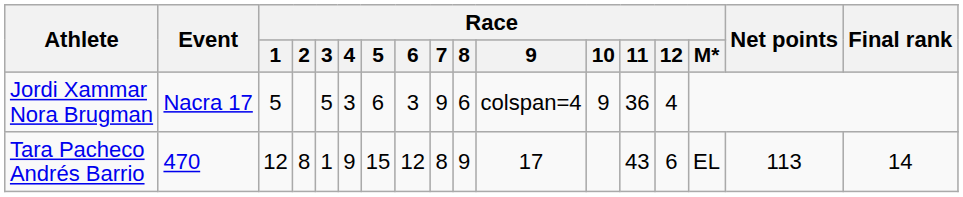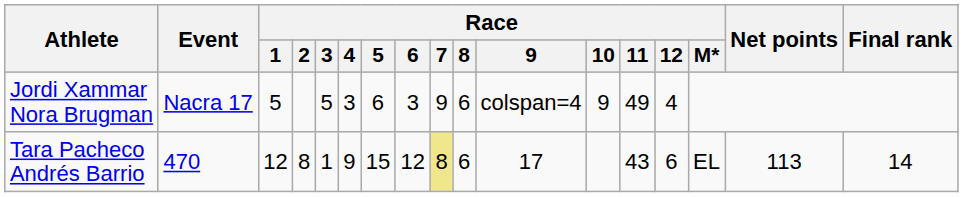 <table class="wikitable" style="font-size:90%">
 <tr>
 <th rowspan="2">Athlete</th>
 <th rowspan="2">Event</th>
 <th colspan=13>Race</th>
 <th rowspan=2>Net points</th>
 <th rowspan=2>Final rank</th>
 </tr>
 <tr style="font-size:95%">
 <th>1</th>
 <th>2</th>
 <th>3</th>
 <th>4</th>
 <th>5</th>
 <th>6</th>
 <th>7</th>
 <th>8</th>
 <th>9</th>
 <th>10</th>
 <th>11</th>
 <th>12</th>
 <th>M*</th>
 </tr>
 <tr align=center>
 <td align=left><a href='#'>Jordi Xammar</a><br><a href='#'>Nora Brugman</a></td>
 <td align=left><a href='#'>Nacra 17</a></td>
 <td>5</td>
 <td></td>
 <td>5</td>
 <td>3</td>
 <td>6</td>
 <td>3</td>
 <td>9</td>
 <td>6</td>
 <td>colspan=4 </td>
 <td>9</td>
-<td>36</td>
+<td>49</td>
 <td>4</td>
 </tr>
 <tr align=center>
 <td align=left><a href='#'>Tara Pacheco</a><br><a href='#'>Andrés Barrio</a></td>
 <td align=left><a href='#'>470</a></td>
 <td>12</td>
 <td>8</td>
 <td>1</td>
 <td>9</td>
 <td>15</td>
 <td>12</td>
-<td>8</td>
-<td>9</td>
+<td style="background: khaki;">8</td>
+<td>6</td>
 <td>17</td>
 <td></td>
 <td>43</td>
 <td>6</td>
 <td>EL</td>
 <td>113</td>
 <td>14</td>
 </tr>
 </table>
